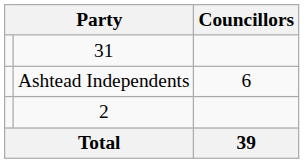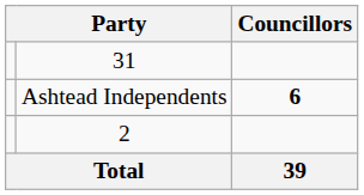 <table class="wikitable">
 <tr>
 <th colspan=2>Party</th>
 <th>Councillors</th>
 </tr>
 <tr>
 <td></td>
 <td align=center>31</td>
 </tr>
 <tr>
 <td></td>
 <td>Ashtead Independents</td>
-<td align=center>6</td>
+<td align=center><strong>6</strong></td>
 </tr>
 <tr>
 <td></td>
 <td align=center>2</td>
 </tr>
 <tr>
 <th colspan=2>Total</th>
 <th align=center>39</th>
 </tr>
 </table>
